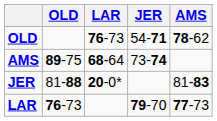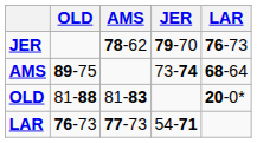 <table class="wikitable">
 <tr>
 <th></th>
 <th> <a href='#'>OLD</a></th>
+<th> <strong><a href='#'>AMS</a></strong></th>
+<th> <strong><a href='#'>JER</a></strong></th>
 <th> <strong><a href='#'>LAR</a></strong></th>
-<th> <strong><a href='#'>JER</a></strong></th>
-<th> <strong><a href='#'>AMS</a></strong></th>
 </tr>
 <tr>
-<td> <a href='#'><strong>OLD</strong></a></td>
+<td> <strong><a href='#'>JER</a></strong></td>
 <td></td>
+<td><strong>78</strong>-62</td>
+<td><strong>79</strong>-70</td>
 <td><strong>76</strong>-73</td>
-<td>54-<strong>71</strong></td>
-<td><strong>78</strong>-62</td>
 </tr>
 <tr>
 <td> <strong><a href='#'>AMS</a></strong></td>
 <td><strong>89</strong>-75</td>
+<td></td>
+<td>73-<strong>74</strong></td>
 <td><strong>68</strong>-64</td>
-<td>73-<strong>74</strong></td>
-<td></td>
 </tr>
 <tr>
-<td> <strong><a href='#'>JER</a></strong></td>
+<td> <a href='#'><strong>OLD</strong></a></td>
 <td>81-<strong>88</strong></td>
+<td>81-<strong>83</strong></td>
+<td></td>
 <td><strong>20</strong>-0*</td>
-<td></td>
-<td>81-<strong>83</strong></td>
 </tr>
 <tr>
 <td> <strong><a href='#'>LAR</a></strong></td>
 <td><strong>76</strong>-73</td>
+<td><strong>77</strong>-73</td>
+<td>54-<strong>71</strong></td>
 <td></td>
-<td><strong>79</strong>-70</td>
-<td><strong>77</strong>-73</td>
 </tr>
 </table>
